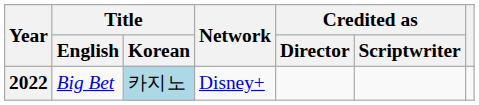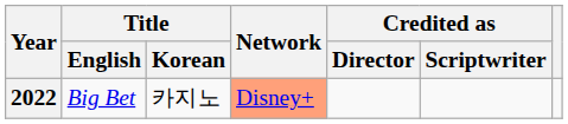 <table class="wikitable sortable plainrowheaders">
 <tr>
 <th rowspan="2" scope="col">Year</th>
 <th colspan="2" scope="col">Title</th>
 <th rowspan="2" scope="col">Network</th>
 <th colspan="2">Credited as</th>
 <th rowspan="2" scope="col" class="unsortable"></th>
 </tr>
 <tr>
 <th>English</th>
 <th>Korean</th>
 <th>Director</th>
 <th>Scriptwriter</th>
 </tr>
 <tr>
 <th scope="row">2022</th>
 <td><em><a href='#'>Big Bet</a></em></td>
-<td style="background: lightblue;">카지노</td>
-<td><a href='#'>Disney+</a></td>
+<td>카지노</td>
+<td style="background: lightsalmon;"><a href='#'>Disney+</a></td>
 <td></td>
 <td></td>
 <td></td>
 </tr>
 </table>
